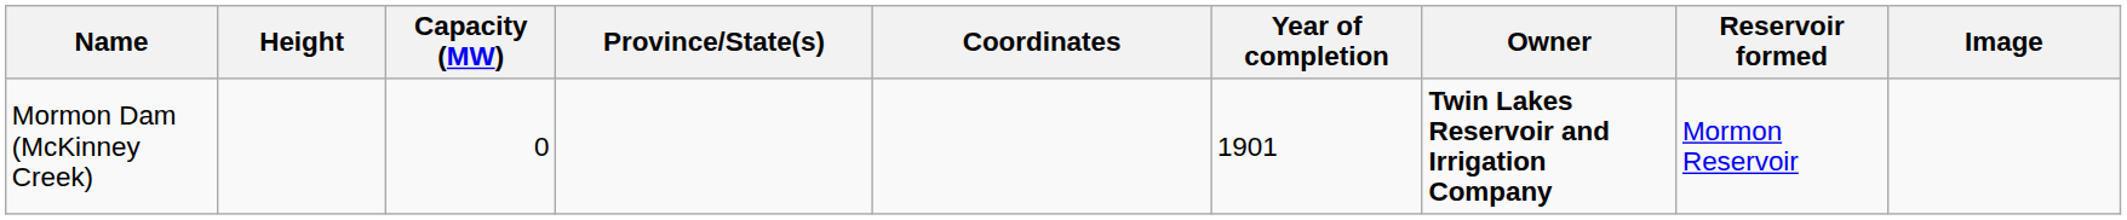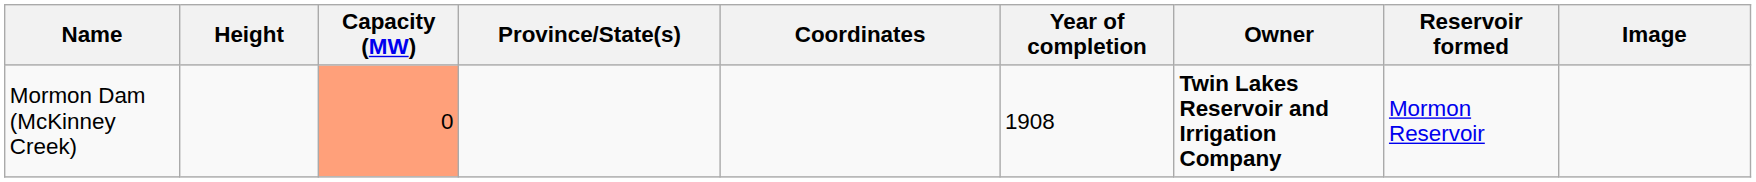 <table class="wikitable sortable" border="1">
 <tr>
 <th width="10%">Name</th>
 <th width="8%">Height</th>
 <th width="8%">Capacity (<a href='#'>MW</a>)</th>
 <th width="15%">Province/State(s)</th>
 <th width="16%">Coordinates</th>
 <th width="10%">Year of completion</th>
 <th width="12%">Owner</th>
 <th width="10%">Reservoir formed</th>
 <th>Image</th>
 </tr>
 <tr>
 <td>Mormon Dam (McKinney Creek)</td>
 <td></td>
-<td align="right">0</td>
+<td align="right" style="background: lightsalmon;">0</td>
 <td></td>
 <td></td>
-<td>1901</td>
+<td>1908</td>
 <td><strong>Twin Lakes Reservoir and Irrigation Company</strong></td>
 <td><a href='#'>Mormon Reservoir</a></td>
 <td></td>
 </tr>
 </table>
